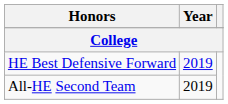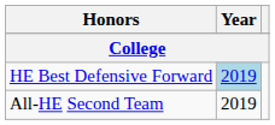 <table class="wikitable">
 <tr>
 <th>Honors</th>
 <th>Year</th>
 <th></th>
 </tr>
 <tr>
 </tr>
 <tr>
 <th colspan="3"><a href='#'>College</a></th>
 </tr>
 <tr>
 <td><a href='#'>HE Best Defensive Forward</a></td>
-<td><a href='#'>2019</a></td>
+<td style="background: lightblue;"><a href='#'>2019</a></td>
 <td rowspan="2"></td>
 </tr>
 <tr>
 <td>All-<a href='#'>HE</a> <a href='#'>Second Team</a></td>
 <td>2019</td>
 </tr>
 </table>
